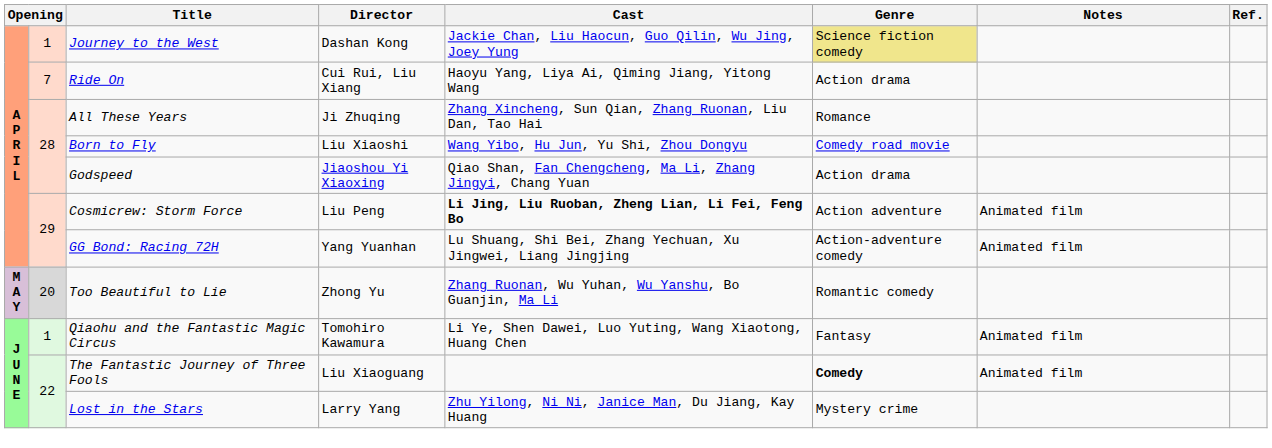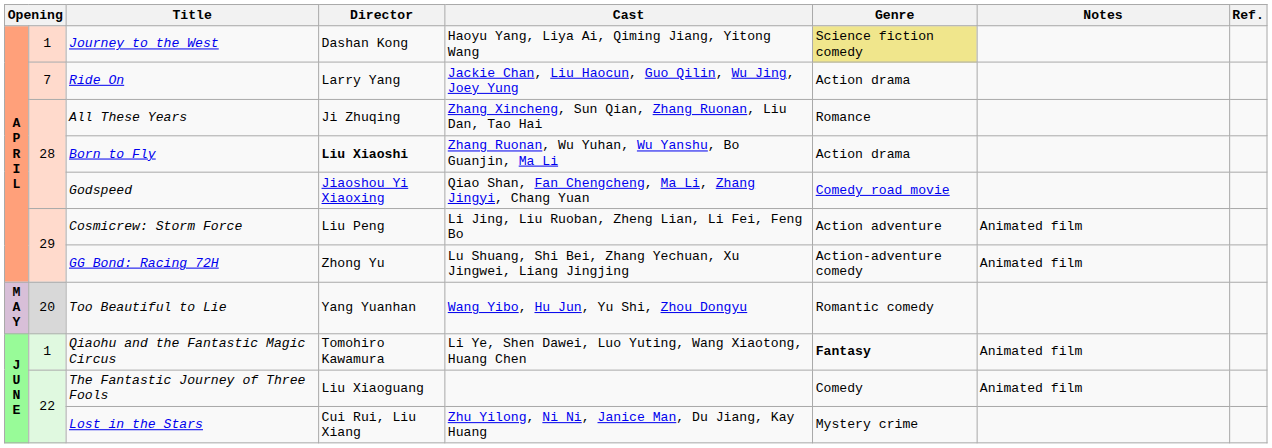 <table class="wikitable">
 <tr>
 <th colspan="2">Opening</th>
 <th style="width:20%;">Title</th>
 <th style="width:10%;">Director</th>
 <th>Cast</th>
 <th style="width:13%">Genre</th>
 <th style="width:20%">Notes</th>
 <th>Ref.</th>
 </tr>
 <tr>
 <td rowspan="7" style="text-align:center; background:#ffa07a; textcolor:#000;"><strong>A<br>P<br>R<br>I<br>L</strong></td>
 <td style="text-align:center; background:#ffdacc; textcolor:#000;">1</td>
 <td><em><a href='#'>Journey to the West</a></em></td>
 <td>Dashan Kong</td>
-<td><a href='#'>Jackie Chan</a>, <a href='#'>Liu Haocun</a>, <a href='#'>Guo Qilin</a>, <a href='#'>Wu Jing</a>, <a href='#'>Joey Yung</a></td>
+<td>Haoyu Yang, Liya Ai, Qiming Jiang, Yitong Wang</td>
 <td style="background: khaki;">Science fiction comedy</td>
 <td></td>
 <td style="text-align:center;"></td>
 </tr>
 <tr>
 <td style="text-align:center; background:#ffdacc; textcolor:#000;">7</td>
 <td><em><a href='#'>Ride On</a></em></td>
-<td>Cui Rui, Liu Xiang</td>
-<td>Haoyu Yang, Liya Ai, Qiming Jiang, Yitong Wang</td>
+<td>Larry Yang</td>
+<td><a href='#'>Jackie Chan</a>, <a href='#'>Liu Haocun</a>, <a href='#'>Guo Qilin</a>, <a href='#'>Wu Jing</a>, <a href='#'>Joey Yung</a></td>
 <td>Action drama</td>
 <td></td>
 <td style="text-align:center;"></td>
 </tr>
 <tr>
 <td rowspan="3" style="text-align:center; background:#ffdacc; textcolor:#000;">28</td>
 <td><em>All These Years</em></td>
 <td>Ji Zhuqing</td>
 <td><a href='#'>Zhang Xincheng</a>, Sun Qian, <a href='#'>Zhang Ruonan</a>, Liu Dan, Tao Hai</td>
 <td>Romance</td>
 <td></td>
 <td style="text-align:center;"></td>
 </tr>
 <tr>
 <td><em><a href='#'>Born to Fly</a></em></td>
-<td>Liu Xiaoshi</td>
-<td><a href='#'>Wang Yibo</a>, <a href='#'>Hu Jun</a>, Yu Shi, <a href='#'>Zhou Dongyu</a></td>
-<td><a href='#'>Comedy road movie</a></td>
+<td><strong>Liu Xiaoshi</strong></td>
+<td><a href='#'>Zhang Ruonan</a>, Wu Yuhan, <a href='#'>Wu Yanshu</a>, Bo Guanjin, <a href='#'>Ma Li</a></td>
+<td>Action drama</td>
 <td></td>
 <td style="text-align:center;"></td>
 </tr>
 <tr>
 <td><em>Godspeed</em></td>
 <td><a href='#'>Jiaoshou Yi Xiaoxing</a></td>
 <td>Qiao Shan, <a href='#'>Fan Chengcheng</a>, <a href='#'>Ma Li</a>, <a href='#'>Zhang Jingyi</a>, Chang Yuan</td>
-<td>Action drama</td>
+<td><a href='#'>Comedy road movie</a></td>
 <td></td>
 <td style="text-align:center;"></td>
 </tr>
 <tr>
 <td rowspan="2" style="text-align:center; background:#ffdacc; textcolor:#000;">29</td>
 <td><em>Cosmicrew: Storm Force</em></td>
 <td>Liu Peng</td>
-<td><strong>Li Jing, Liu Ruoban, Zheng Lian, Li Fei, Feng Bo</strong></td>
+<td>Li Jing, Liu Ruoban, Zheng Lian, Li Fei, Feng Bo</td>
 <td>Action adventure</td>
 <td>Animated film</td>
 <td style="text-align:center;"></td>
 </tr>
 <tr>
 <td><em><a href='#'>GG Bond: Racing 72H</a></em></td>
-<td>Yang Yuanhan</td>
+<td>Zhong Yu</td>
 <td>Lu Shuang, Shi Bei, Zhang Yechuan, Xu Jingwei, Liang Jingjing</td>
 <td>Action-adventure comedy</td>
 <td>Animated film</td>
 <td style="text-align:center;"></td>
 </tr>
 <tr>
 <th style="text-align:center; background:thistle; textcolor:#000;">M<br>A<br>Y</th>
 <td style="text-align:center; background:#d8d8d8; textcolor:#000;">20</td>
 <td><em>Too Beautiful to Lie</em></td>
-<td>Zhong Yu</td>
-<td><a href='#'>Zhang Ruonan</a>, Wu Yuhan, <a href='#'>Wu Yanshu</a>, Bo Guanjin, <a href='#'>Ma Li</a></td>
+<td>Yang Yuanhan</td>
+<td><a href='#'>Wang Yibo</a>, <a href='#'>Hu Jun</a>, Yu Shi, <a href='#'>Zhou Dongyu</a></td>
 <td>Romantic comedy</td>
 <td></td>
 <td style="text-align:center;"></td>
 </tr>
 <tr>
 <th rowspan="3" style="text-align:center; background:#98fb98; textcolor:#000;">J<br>U<br>N<br>E</th>
 <td style="text-align:center; background:#e0f9e0;">1</td>
 <td><em>Qiaohu and the Fantastic Magic Circus</em></td>
 <td>Tomohiro Kawamura</td>
 <td>Li Ye, Shen Dawei, Luo Yuting, Wang Xiaotong, Huang Chen</td>
-<td>Fantasy</td>
+<td><strong>Fantasy</strong></td>
 <td>Animated film</td>
 <td style="text-align:center;"></td>
 </tr>
 <tr>
 <td rowspan="2" style="text-align:center; background:#e0f9e0;">22</td>
 <td><em>The Fantastic Journey of Three Fools</em></td>
 <td>Liu Xiaoguang</td>
 <td></td>
-<td><strong>Comedy</strong></td>
+<td>Comedy</td>
 <td>Animated film</td>
 <td style="text-align:center;"></td>
 </tr>
 <tr>
 <td><em><a href='#'>Lost in the Stars</a></em></td>
-<td>Larry Yang</td>
+<td>Cui Rui, Liu Xiang</td>
 <td><a href='#'>Zhu Yilong</a>, <a href='#'>Ni Ni</a>, <a href='#'>Janice Man</a>, Du Jiang, Kay Huang</td>
 <td>Mystery crime</td>
 <td></td>
 <td style="text-align:center;"></td>
 </tr>
 </table>
